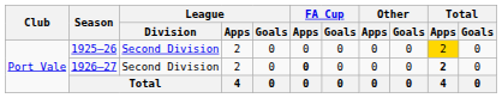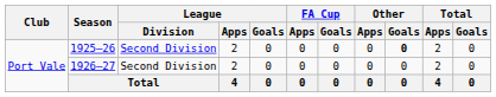 <table class="wikitable" style="text-align:center">
 <tr>
 <th rowspan="2">Club</th>
 <th rowspan="2">Season</th>
 <th colspan="3">League</th>
 <th colspan="2"><a href='#'>FA Cup</a></th>
 <th colspan="2">Other</th>
 <th colspan="2">Total</th>
 </tr>
 <tr>
 <th>Division</th>
 <th>Apps</th>
 <th>Goals</th>
 <th>Apps</th>
 <th>Goals</th>
 <th>Apps</th>
 <th>Goals</th>
 <th>Apps</th>
 <th>Goals</th>
 </tr>
 <tr>
 <td rowspan="3"><a href='#'>Port Vale</a></td>
 <td><a href='#'>1925–26</a></td>
 <td><a href='#'>Second Division</a></td>
 <td>2</td>
 <td>0</td>
 <td>0</td>
 <td>0</td>
 <td>0</td>
-<td>0</td>
-<td style="background: gold;">2</td>
+<td><strong>0</strong></td>
+<td>2</td>
 <td>0</td>
 </tr>
 <tr>
 <td><a href='#'>1926–27</a></td>
 <td>Second Division</td>
 <td>2</td>
 <td>0</td>
-<td><strong>0</strong></td>
 <td>0</td>
 <td>0</td>
 <td>0</td>
-<td><strong>2</strong></td>
+<td>0</td>
+<td>2</td>
 <td>0</td>
 </tr>
 <tr>
 <th colspan="2">Total</th>
 <th>4</th>
 <th>0</th>
 <th>0</th>
 <th>0</th>
 <th>0</th>
 <th>0</th>
 <th>4</th>
 <th>0</th>
 </tr>
 </table>
